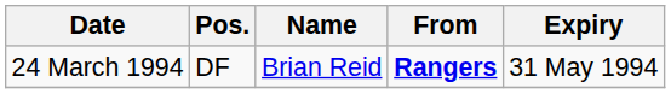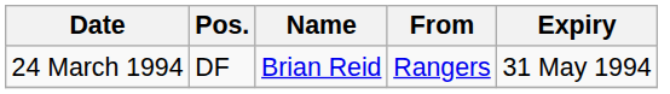 <table class="wikitable">
 <tr>
 <th>Date</th>
 <th>Pos.</th>
 <th>Name</th>
 <th>From</th>
 <th>Expiry</th>
 </tr>
 <tr>
 <td>24 March 1994 </td>
 <td>DF</td>
 <td> <a href='#'>Brian Reid</a></td>
-<td><strong> <a href='#'>Rangers</a></strong></td>
+<td> <a href='#'>Rangers</a></td>
 <td>31 May 1994</td>
 </tr>
 <tr>
 </tr>
 </table>
